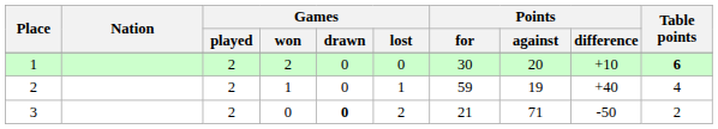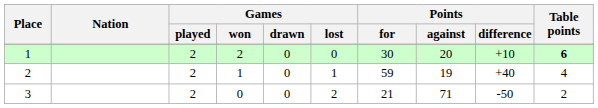 <table class="wikitable">
 <tr>
 <th rowspan=2 width="8%">Place</th>
 <th rowspan=2 width="20%">Nation</th>
 <th colspan=4 width="32%">Games</th>
 <th colspan=3 width="30%">Points</th>
 <th rowspan=2 width="10%">Table<br>points</th>
 </tr>
 <tr>
 <th width="8%">played</th>
 <th width="8%">won</th>
 <th width="8%">drawn</th>
 <th width="8%">lost</th>
 <th width="10%">for</th>
 <th width="10%">against</th>
 <th width="10%">difference</th>
 </tr>
 <tr>
 </tr>
 <tr bgcolor=#ccffcc align=center>
 <td>1</td>
 <td align=left><strong></strong></td>
 <td>2</td>
 <td>2</td>
 <td>0</td>
 <td>0</td>
 <td>30</td>
 <td>20</td>
 <td>+10</td>
 <td><strong>6</strong></td>
 </tr>
 <tr bgcolor=#ffffff align=center>
 <td>2</td>
 <td align=left></td>
 <td>2</td>
 <td>1</td>
 <td>0</td>
 <td>1</td>
 <td>59</td>
 <td>19</td>
 <td>+40</td>
 <td>4</td>
 </tr>
 <tr bgcolor=#ffffff align=center>
 <td>3</td>
 <td align=left></td>
 <td>2</td>
 <td>0</td>
-<td><strong>0</strong></td>
+<td>0</td>
 <td>2</td>
 <td>21</td>
 <td>71</td>
 <td>-50</td>
 <td>2</td>
 </tr>
 </table>
